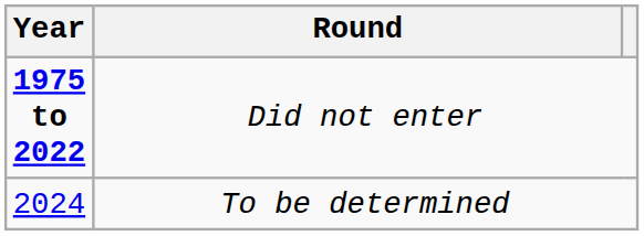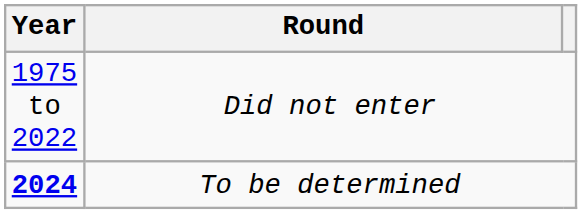 <table class="wikitable" style="text-align: center; font-size:90%">
 <tr>
 <th>Year</th>
 <th style="width:200px">Round</th>
 <th></th>
 </tr>
 <tr>
-<td><strong><a href='#'>1975</a><br>to<br><a href='#'>2022</a></strong></td>
+<td><a href='#'>1975</a><br>to<br><a href='#'>2022</a></td>
 <td colspan="2"><em>Did not enter</em></td>
 </tr>
 <tr>
-<td><a href='#'>2024</a></td>
+<td><strong><a href='#'>2024</a></strong></td>
 <td colspan="2"><em>To be determined</em></td>
 </tr>
 </table>
